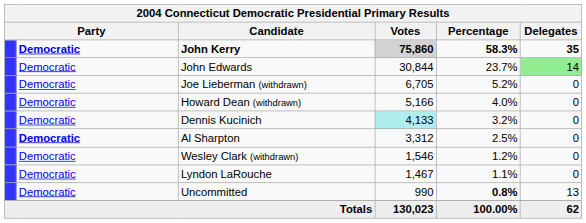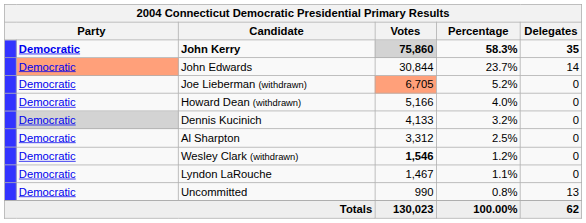 <table class="wikitable" style="font-size: 95%;">
 <tr>
 <th colspan="6">2004 Connecticut Democratic Presidential Primary Results</th>
 </tr>
 <tr>
 <th colspan="2" style="width: 15em">Party</th>
 <th style="width: 17em">Candidate</th>
 <th style="width: 5em">Votes</th>
 <th style="width: 7em">Percentage</th>
 <th style="width: 5em">Delegates</th>
 </tr>
 <tr>
 <th style="background-color:#3333FF; width: 3px"></th>
 <td style="width: 130px"><strong><a href='#'>Democratic</a></strong></td>
 <td><strong>John Kerry</strong></td>
 <td align="right" style="background: lightgrey;"><strong>75,860</strong></td>
 <td align="right"><strong>58.3%</strong></td>
 <td align="right"><strong>35</strong></td>
 </tr>
 <tr>
 <th style="background-color:#3333FF; width: 3px"></th>
-<td style="width: 130px"><a href='#'>Democratic</a></td>
+<td style="background: lightsalmon; width: 130px"><a href='#'>Democratic</a></td>
 <td>John Edwards</td>
 <td align="right">30,844</td>
 <td align="right">23.7%</td>
-<td align="right" style="background: lightgreen;">14</td>
+<td align="right">14</td>
 </tr>
 <tr>
 <th style="background-color:#3333FF; width: 3px"></th>
 <td style="width: 130px"><a href='#'>Democratic</a></td>
 <td>Joe Lieberman <small>(withdrawn)</small></td>
-<td align="right">6,705</td>
+<td align="right" style="background: lightsalmon;">6,705</td>
 <td align="right">5.2%</td>
 <td align="right">0</td>
 </tr>
 <tr>
 <th style="background-color:#3333FF; width: 3px"></th>
 <td style="width: 130px"><a href='#'>Democratic</a></td>
 <td>Howard Dean <small>(withdrawn)</small></td>
 <td align="right">5,166</td>
 <td align="right">4.0%</td>
 <td align="right">0</td>
 </tr>
 <tr>
 <th style="background-color:#3333FF; width: 3px"></th>
-<td style="width: 130px"><a href='#'>Democratic</a></td>
+<td style="background: lightgrey; width: 130px"><a href='#'>Democratic</a></td>
 <td>Dennis Kucinich</td>
-<td align="right" style="background: paleturquoise;">4,133</td>
+<td align="right">4,133</td>
 <td align="right">3.2%</td>
 <td align="right">0</td>
 </tr>
 <tr>
 <th style="background-color:#3333FF; width: 3px"></th>
-<td style="width: 130px"><strong><a href='#'>Democratic</a></strong></td>
+<td style="width: 130px"><a href='#'>Democratic</a></td>
 <td>Al Sharpton</td>
 <td align="right">3,312</td>
 <td align="right">2.5%</td>
 <td align="right">0</td>
 </tr>
 <tr>
 <th style="background-color:#3333FF; width: 3px"></th>
 <td style="width: 130px"><a href='#'>Democratic</a></td>
 <td>Wesley Clark <small>(withdrawn)</small></td>
-<td align="right">1,546</td>
+<td align="right"><strong>1,546</strong></td>
 <td align="right">1.2%</td>
 <td align="right">0</td>
 </tr>
 <tr>
 <th style="background-color:#3333FF; width: 3px"></th>
 <td style="width: 130px"><a href='#'>Democratic</a></td>
 <td>Lyndon LaRouche</td>
 <td align="right">1,467</td>
 <td align="right">1.1%</td>
 <td align="right">0</td>
 </tr>
 <tr>
 <th style="background-color:#3333FF; width: 3px"></th>
 <td style="width: 130px"><a href='#'>Democratic</a></td>
 <td>Uncommitted</td>
 <td align="right">990</td>
-<td align="right"><strong>0.8%</strong></td>
+<td align="right">0.8%</td>
 <td align="right">13</td>
 </tr>
 <tr>
 </tr>
 <tr bgcolor="#EEEEEE">
 <td colspan="3" align="right"><strong>Totals</strong></td>
 <td align="right"><strong>130,023</strong></td>
 <td align="right"><strong>100.00%</strong></td>
 <td align="right"><strong>62</strong></td>
 </tr>
 </table>
